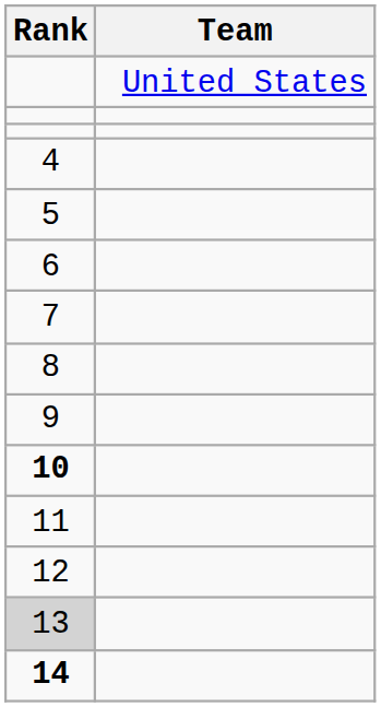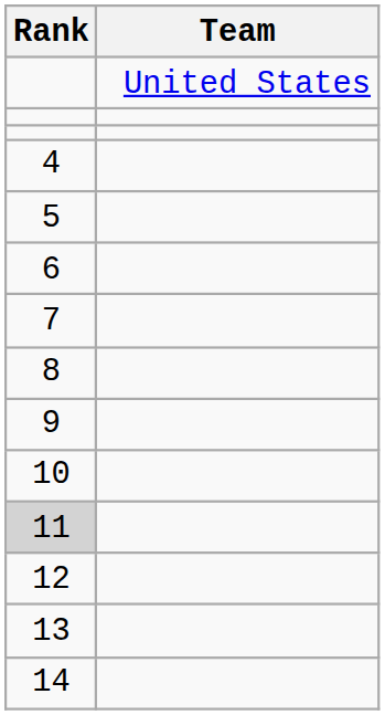 <table class="wikitable sortable" style="text-align:center;">
 <tr>
 <th>Rank</th>
 <th>Team</th>
 </tr>
 <tr>
 <td></td>
 <td align=left> <a href='#'>United States</a></td>
 </tr>
 <tr>
 <td></td>
 <td align=left></td>
 </tr>
 <tr>
 <td></td>
 <td align=left></td>
 </tr>
 <tr>
 <td>4</td>
 <td align=left></td>
 </tr>
 <tr>
 <td>5</td>
 <td align=left></td>
 </tr>
 <tr>
 <td>6</td>
 <td align=left></td>
 </tr>
 <tr>
 <td>7</td>
 <td align=left></td>
 </tr>
 <tr>
 <td>8</td>
 <td align=left></td>
 </tr>
 <tr>
 <td>9</td>
 <td align=left></td>
 </tr>
 <tr>
-<td><strong>10</strong></td>
+<td>10</td>
 <td align=left></td>
 </tr>
 <tr>
-<td>11</td>
+<td style="background: lightgrey;">11</td>
 <td align=left></td>
 </tr>
 <tr>
 <td>12</td>
 <td align=left></td>
 </tr>
 <tr>
-<td style="background: lightgrey;">13</td>
+<td>13</td>
 <td align=left></td>
 </tr>
 <tr>
-<td><strong>14</strong></td>
+<td>14</td>
 <td align=left></td>
 </tr>
 </table>
